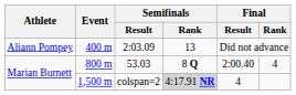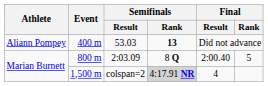 <table class=wikitable style="font-size:90%">
 <tr>
 <th rowspan="2">Athlete</th>
 <th rowspan="2">Event</th>
 <th colspan="2">Semifinals</th>
 <th colspan="2">Final</th>
 </tr>
 <tr style="font-size:95%">
 <th>Result</th>
 <th>Rank</th>
 <th>Result</th>
 <th>Rank</th>
 </tr>
 <tr align=center>
 <td align=left><a href='#'>Aliann Pompey</a></td>
 <td align=right><a href='#'>400 m</a></td>
-<td>2:03.09</td>
-<td>13</td>
+<td>53.03</td>
+<td><strong>13</strong></td>
 <td colspan=2>Did not advance</td>
 </tr>
 <tr align=center>
 <td align=left rowspan=2><a href='#'>Marian Burnett</a></td>
 <td align=right><a href='#'>800 m</a></td>
-<td>53.03</td>
+<td>2:03.09</td>
 <td>8 <strong>Q</strong></td>
 <td>2:00.40</td>
-<td>4</td>
+<td>5</td>
 </tr>
 <tr align=center>
 <td align=right><a href='#'>1,500 m</a></td>
 <td>colspan=2 </td>
 <td style="background: lightgrey;">4:17.91 <strong><a href='#'>NR</a></strong></td>
 <td>4</td>
 </tr>
 </table>
